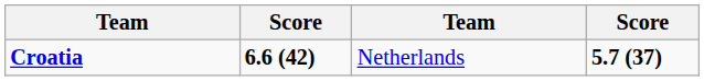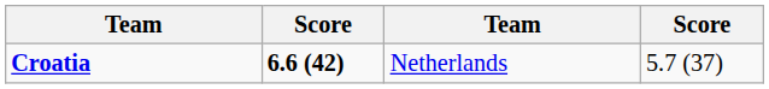 <table class="wikitable" width=500>
 <tr>
 <th width=25%>Team</th>
 <th width=12%>Score</th>
 <th width=25%>Team</th>
 <th width=12%>Score</th>
 </tr>
 <tr style="vertical-align: top;">
 <td> <strong><a href='#'>Croatia</a></strong></td>
 <td><strong>6.6 (42)</strong></td>
 <td> <a href='#'>Netherlands</a></td>
-<td><strong>5.7 (37)</strong></td>
+<td>5.7 (37)</td>
 </tr>
 </table>
